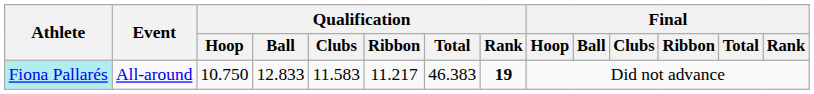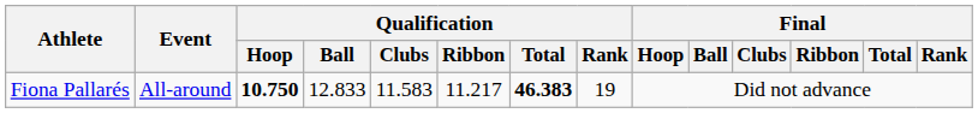 <table class=wikitable style="font-size:90%">
 <tr>
 <th rowspan="2">Athlete</th>
 <th rowspan="2">Event</th>
 <th colspan=6>Qualification</th>
 <th colspan=6>Final</th>
 </tr>
 <tr style="font-size:95%">
 <th>Hoop</th>
 <th>Ball</th>
 <th>Clubs</th>
 <th>Ribbon</th>
 <th>Total</th>
 <th>Rank</th>
 <th>Hoop</th>
 <th>Ball</th>
 <th>Clubs</th>
 <th>Ribbon</th>
 <th>Total</th>
 <th>Rank</th>
 </tr>
 <tr align=center>
-<td align=left style="background: paleturquoise;"><a href='#'>Fiona Pallarés</a></td>
+<td align=left><a href='#'>Fiona Pallarés</a></td>
 <td align=left><a href='#'>All-around</a></td>
-<td>10.750</td>
+<td><strong>10.750</strong></td>
 <td>12.833</td>
 <td>11.583</td>
 <td>11.217</td>
-<td>46.383</td>
-<td><strong>19</strong></td>
+<td><strong>46.383</strong></td>
+<td>19</td>
 <td colspan=6>Did not advance</td>
 </tr>
 </table>
